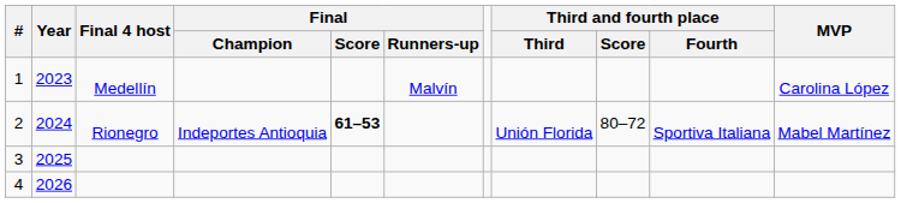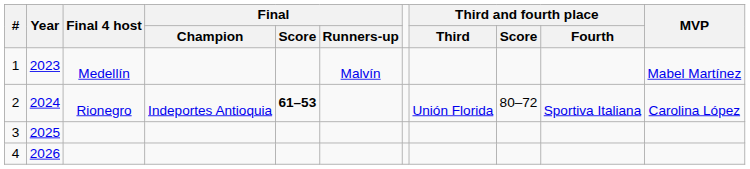 <table class="wikitable" style="text-align: center;">
 <tr>
 <th rowspan="2" style="width:3%;">#</th>
 <th rowspan="2">Year</th>
 <th rowspan="2">Final 4 host</th>
 <th colspan=3>Final</th>
 <td style="width:1%;" rowspan="2"></td>
 <th colspan=3>Third and fourth place</th>
 <th rowspan="2">MVP</th>
 </tr>
 <tr>
 <th>Champion</th>
 <th>Score</th>
 <th>Runners-up</th>
 <th>Third</th>
 <th>Score</th>
 <th>Fourth</th>
 </tr>
 <tr>
 <td>1</td>
 <td><a href='#'>2023</a></td>
 <td><br> <a href='#'>Medellín</a></td>
 <td><br> </td>
 <td></td>
 <td><br> <a href='#'>Malvín</a></td>
 <td></td>
 <td><br> </td>
 <td></td>
 <td><br> </td>
-<td><br> <a href='#'>Carolina López</a></td>
+<td><br> <a href='#'>Mabel Martínez</a></td>
 </tr>
 <tr>
 <td>2</td>
 <td><a href='#'>2024</a></td>
 <td><br> <a href='#'>Rionegro</a></td>
 <td><br> <a href='#'>Indeportes Antioquia</a></td>
 <td><strong>61–53</strong></td>
 <td><br> </td>
 <td></td>
 <td><br> <a href='#'>Unión Florida</a></td>
 <td>80–72</td>
 <td><br> <a href='#'>Sportiva Italiana</a></td>
-<td><br> <a href='#'>Mabel Martínez</a></td>
+<td><br> <a href='#'>Carolina López</a></td>
 </tr>
 <tr>
 <td>3</td>
 <td><a href='#'>2025</a></td>
 <td></td>
 <td></td>
 <td></td>
 <td></td>
 <td></td>
 <td></td>
 <td></td>
 <td></td>
 <td></td>
 </tr>
 <tr>
 <td>4</td>
 <td><a href='#'>2026</a></td>
 <td></td>
 <td></td>
 <td></td>
 <td></td>
 <td></td>
 <td></td>
 <td></td>
 <td></td>
 <td></td>
 </tr>
 </table>
